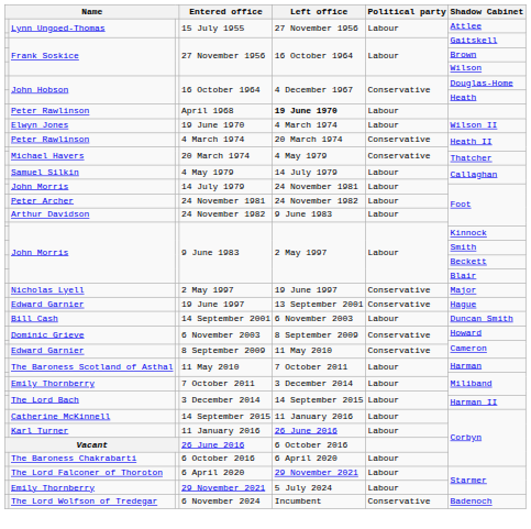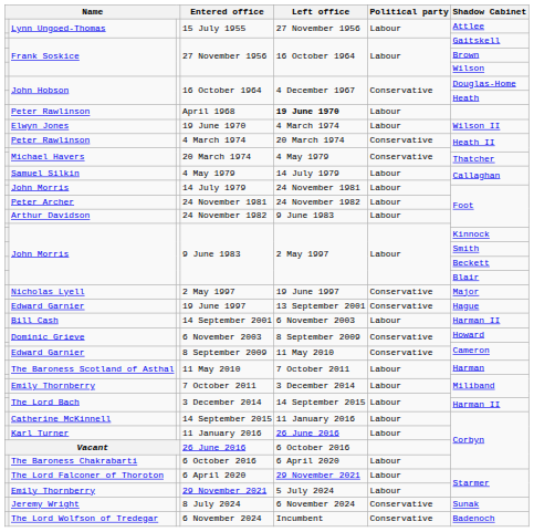 <table class="wikitable">
 <tr>
 <th colspan=3>Name</th>
 <th>Entered office</th>
 <th>Left office</th>
 <th>Political party</th>
 <th>Shadow Cabinet</th>
 </tr>
 <tr>
 <th style="background-color: "></th>
 <td rowspan=2><a href='#'>Lynn Ungoed-Thomas</a></td>
 <td rowspan=2></td>
 <td rowspan=2>15 July 1955</td>
 <td rowspan=2>27 November 1956</td>
 <td rowspan=2>Labour</td>
 <td><a href='#'>Attlee</a></td>
 </tr>
 <tr>
 <th style="background-color: "></th>
 <td rowspan=2 ><a href='#'>Gaitskell</a></td>
 </tr>
 <tr>
 <th style="background-color: "></th>
 <td rowspan=3><a href='#'>Frank Soskice</a></td>
 <td rowspan=3></td>
 <td rowspan=3>27 November 1956</td>
 <td rowspan=3>16 October 1964</td>
 <td rowspan=3>Labour</td>
 </tr>
 <tr>
 <th style="background-color: "></th>
 <td><a href='#'>Brown</a></td>
 </tr>
 <tr>
 <th style="background-color: "></th>
 <td><a href='#'>Wilson</a></td>
 </tr>
 <tr>
 <th style="background-color: "></th>
 <td rowspan=2><a href='#'>John Hobson</a></td>
 <td rowspan=2></td>
 <td rowspan=2>16 October 1964</td>
 <td rowspan=2>4 December 1967</td>
 <td rowspan=2>Conservative</td>
 <td><a href='#'>Douglas-Home</a></td>
 </tr>
 <tr>
 <th style="background-color: "></th>
 <td><a href='#'>Heath</a></td>
 </tr>
 <tr>
 <th style="background-color: "></th>
 <td><a href='#'>Peter Rawlinson</a></td>
 <td></td>
 <td>April 1968</td>
 <td><strong>19 June 1970</strong></td>
 <td>Labour</td>
 </tr>
 <tr>
 <th style="background-color: "></th>
 <td><a href='#'>Elwyn Jones</a></td>
 <td></td>
 <td>19 June 1970</td>
 <td>4 March 1974</td>
 <td>Labour</td>
 <td><a href='#'>Wilson II</a></td>
 </tr>
 <tr>
 <th style="background-color: "></th>
 <td><a href='#'>Peter Rawlinson</a></td>
 <td></td>
 <td>4 March 1974</td>
 <td>20 March 1974</td>
 <td>Conservative</td>
 <td rowspan=2 ><a href='#'>Heath II</a></td>
 </tr>
 <tr>
 <th style="background-color: "></th>
 <td rowspan=2><a href='#'>Michael Havers</a></td>
 <td rowspan=2></td>
 <td rowspan=2>20 March 1974</td>
 <td rowspan=2>4 May 1979</td>
 <td rowspan=2>Conservative</td>
 </tr>
 <tr>
 <th style="background-color: "></th>
 <td><a href='#'>Thatcher</a></td>
 </tr>
 <tr>
 <th style="background-color: "></th>
 <td><a href='#'>Samuel Silkin</a></td>
 <td></td>
 <td>4 May 1979</td>
 <td>14 July 1979</td>
 <td>Labour</td>
 <td rowspan=2 ><a href='#'>Callaghan</a></td>
 </tr>
 <tr>
 <th style="background-color: "></th>
 <td rowspan=2><a href='#'>John Morris</a></td>
 <td rowspan=2></td>
 <td rowspan=2>14 July 1979</td>
 <td rowspan=2>24 November 1981</td>
 <td rowspan=2>Labour</td>
 </tr>
 <tr>
 <th style="background-color: "></th>
 <td rowspan=4 ><a href='#'>Foot</a></td>
 </tr>
 <tr>
 <th style="background-color: "></th>
 <td><a href='#'>Peter Archer</a></td>
 <td></td>
 <td>24 November 1981</td>
 <td>24 November 1982</td>
 <td>Labour</td>
 </tr>
 <tr>
 <th style="background-color: "></th>
 <td><a href='#'>Arthur Davidson</a></td>
 <td></td>
 <td>24 November 1982</td>
 <td>9 June 1983</td>
 <td>Labour</td>
 </tr>
 <tr>
 <th style="background-color: "></th>
 <td rowspan=5><a href='#'>John Morris</a></td>
 <td rowspan=5></td>
 <td rowspan=5>9 June 1983</td>
 <td rowspan=5>2 May 1997</td>
 <td rowspan=5>Labour</td>
 </tr>
 <tr>
 <th style="background-color: "></th>
 <td><a href='#'>Kinnock</a></td>
 </tr>
 <tr>
 <th style="background-color: "></th>
 <td><a href='#'>Smith</a></td>
 </tr>
 <tr>
 <th style="background-color: "></th>
 <td><a href='#'>Beckett</a></td>
 </tr>
 <tr>
 <th style="background-color: "></th>
 <td><a href='#'>Blair</a></td>
 </tr>
 <tr>
 <th style="background-color: "></th>
 <td><a href='#'>Nicholas Lyell</a></td>
 <td></td>
 <td>2 May 1997</td>
 <td>19 June 1997</td>
 <td>Conservative</td>
 <td><a href='#'>Major</a></td>
 </tr>
 <tr>
 <th style="background-color: "></th>
 <td><a href='#'>Edward Garnier</a></td>
 <td></td>
 <td>19 June 1997</td>
 <td>13 September 2001</td>
 <td>Conservative</td>
 <td><a href='#'>Hague</a></td>
 </tr>
 <tr>
 <th style="background-color: "></th>
 <td><a href='#'>Bill Cash</a></td>
 <td></td>
 <td>14 September 2001</td>
 <td>6 November 2003</td>
 <td>Labour</td>
-<td><a href='#'>Duncan Smith</a></td>
+<td><a href='#'>Harman II</a></td>
 </tr>
 <tr>
 <th style="background-color: "></th>
 <td rowspan=2><a href='#'>Dominic Grieve</a></td>
 <td rowspan=2></td>
 <td rowspan=2>6 November 2003</td>
 <td rowspan=2>8 September 2009</td>
 <td rowspan=2>Conservative</td>
 <td><a href='#'>Howard</a></td>
 </tr>
 <tr>
 <th style="background-color: "></th>
 <td rowspan=2 ><a href='#'>Cameron</a></td>
 </tr>
 <tr>
 <th style="background-color: "></th>
 <td><a href='#'>Edward Garnier</a></td>
 <td></td>
 <td>8 September 2009</td>
 <td>11 May 2010</td>
 <td>Conservative</td>
 </tr>
 <tr>
 <th style="background-color: "></th>
 <td rowspan=2><a href='#'>The Baroness Scotland of Asthal</a></td>
 <td rowspan=2></td>
 <td rowspan=2>11 May 2010</td>
 <td rowspan=2>7 October 2011</td>
 <td rowspan=2>Labour</td>
 <td><a href='#'>Harman</a></td>
 </tr>
 <tr>
 <th style="background-color: "></th>
 <td rowspan=3 ><a href='#'>Miliband</a></td>
 </tr>
 <tr>
 <th style="background-color: "></th>
 <td><a href='#'>Emily Thornberry</a></td>
 <td></td>
 <td>7 October 2011</td>
 <td>3 December 2014</td>
 <td>Labour</td>
 </tr>
 <tr>
 <th style="background-color: "></th>
 <td rowspan=2><a href='#'>The Lord Bach</a></td>
 <td rowspan=2></td>
 <td rowspan=2>3 December 2014</td>
 <td rowspan=2>14 September 2015</td>
 <td rowspan=2>Labour</td>
 </tr>
 <tr>
 <th style="background-color: "></th>
 <td><a href='#'>Harman II</a></td>
 </tr>
 <tr>
 <th style="background-color: "></th>
 <td><a href='#'>Catherine McKinnell</a></td>
 <td></td>
 <td>14 September 2015</td>
 <td>11 January 2016</td>
 <td>Labour</td>
 <td rowspan=4 ><a href='#'>Corbyn</a></td>
 </tr>
 <tr>
 <th style="background-color: "></th>
 <td><a href='#'>Karl Turner</a></td>
 <td></td>
 <td>11 January 2016</td>
 <td><a href='#'>26 June 2016</a></td>
 <td>Labour</td>
 </tr>
 <tr>
 <th colspan=3><em>Vacant</em></th>
 <td><a href='#'>26 June 2016</a></td>
 <td>6 October 2016</td>
 <td></td>
 </tr>
 <tr>
 <th style="background-color: "></th>
 <td><a href='#'>The Baroness Chakrabarti</a></td>
 <td></td>
 <td>6 October 2016</td>
 <td>6 April 2020</td>
 <td>Labour</td>
 </tr>
 <tr /* References */>
 <th style="background-color: "></th>
 <td><a href='#'>The Lord Falconer of Thoroton</a></td>
 <td></td>
 <td>6 April 2020</td>
 <td><a href='#'>29 November 2021</a></td>
 <td>Labour</td>
 <td rowspan="2" ><a href='#'>Starmer</a></td>
 </tr>
 <tr>
 <th style="background-color: "></th>
 <td><a href='#'>Emily Thornberry</a></td>
 <td></td>
 <td><a href='#'>29 November 2021</a></td>
 <td>5 July 2024</td>
 <td>Labour</td>
 </tr>
 <tr>
 <th style="background-color: "></th>
+<td><a href='#'>Jeremy Wright</a></td>
+<td></td>
+<td>8 July 2024</td>
+<td>6 November 2024</td>
+<td>Conservative</td>
+<td><a href='#'>Sunak</a></td>
+</tr>
+<tr>
+<th style="background-color: "></th>
 <td><a href='#'>The Lord Wolfson of Tredegar</a></td>
 <td></td>
 <td>6 November 2024</td>
 <td>Incumbent</td>
 <td>Conservative</td>
 <td><a href='#'>Badenoch</a></td>
 </tr>
 </table>
